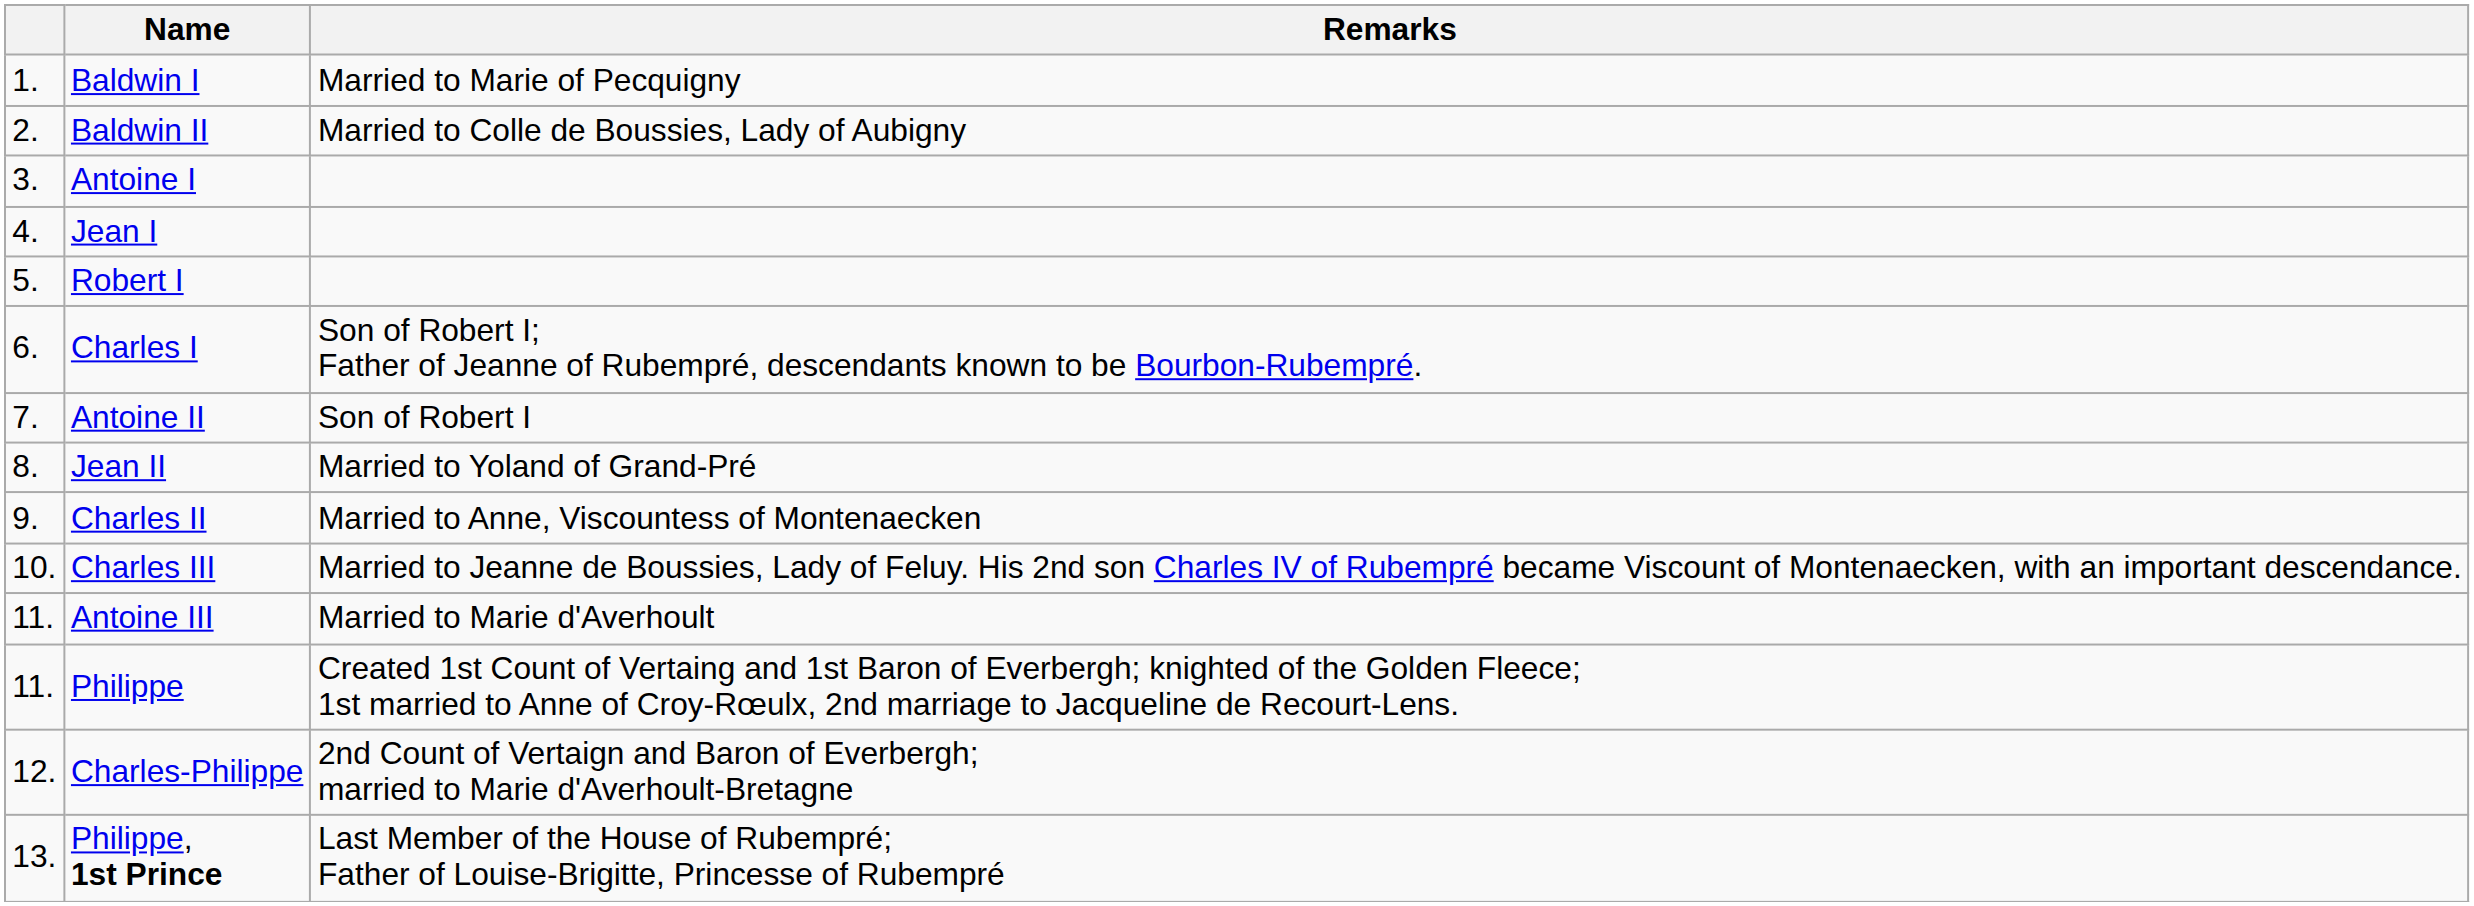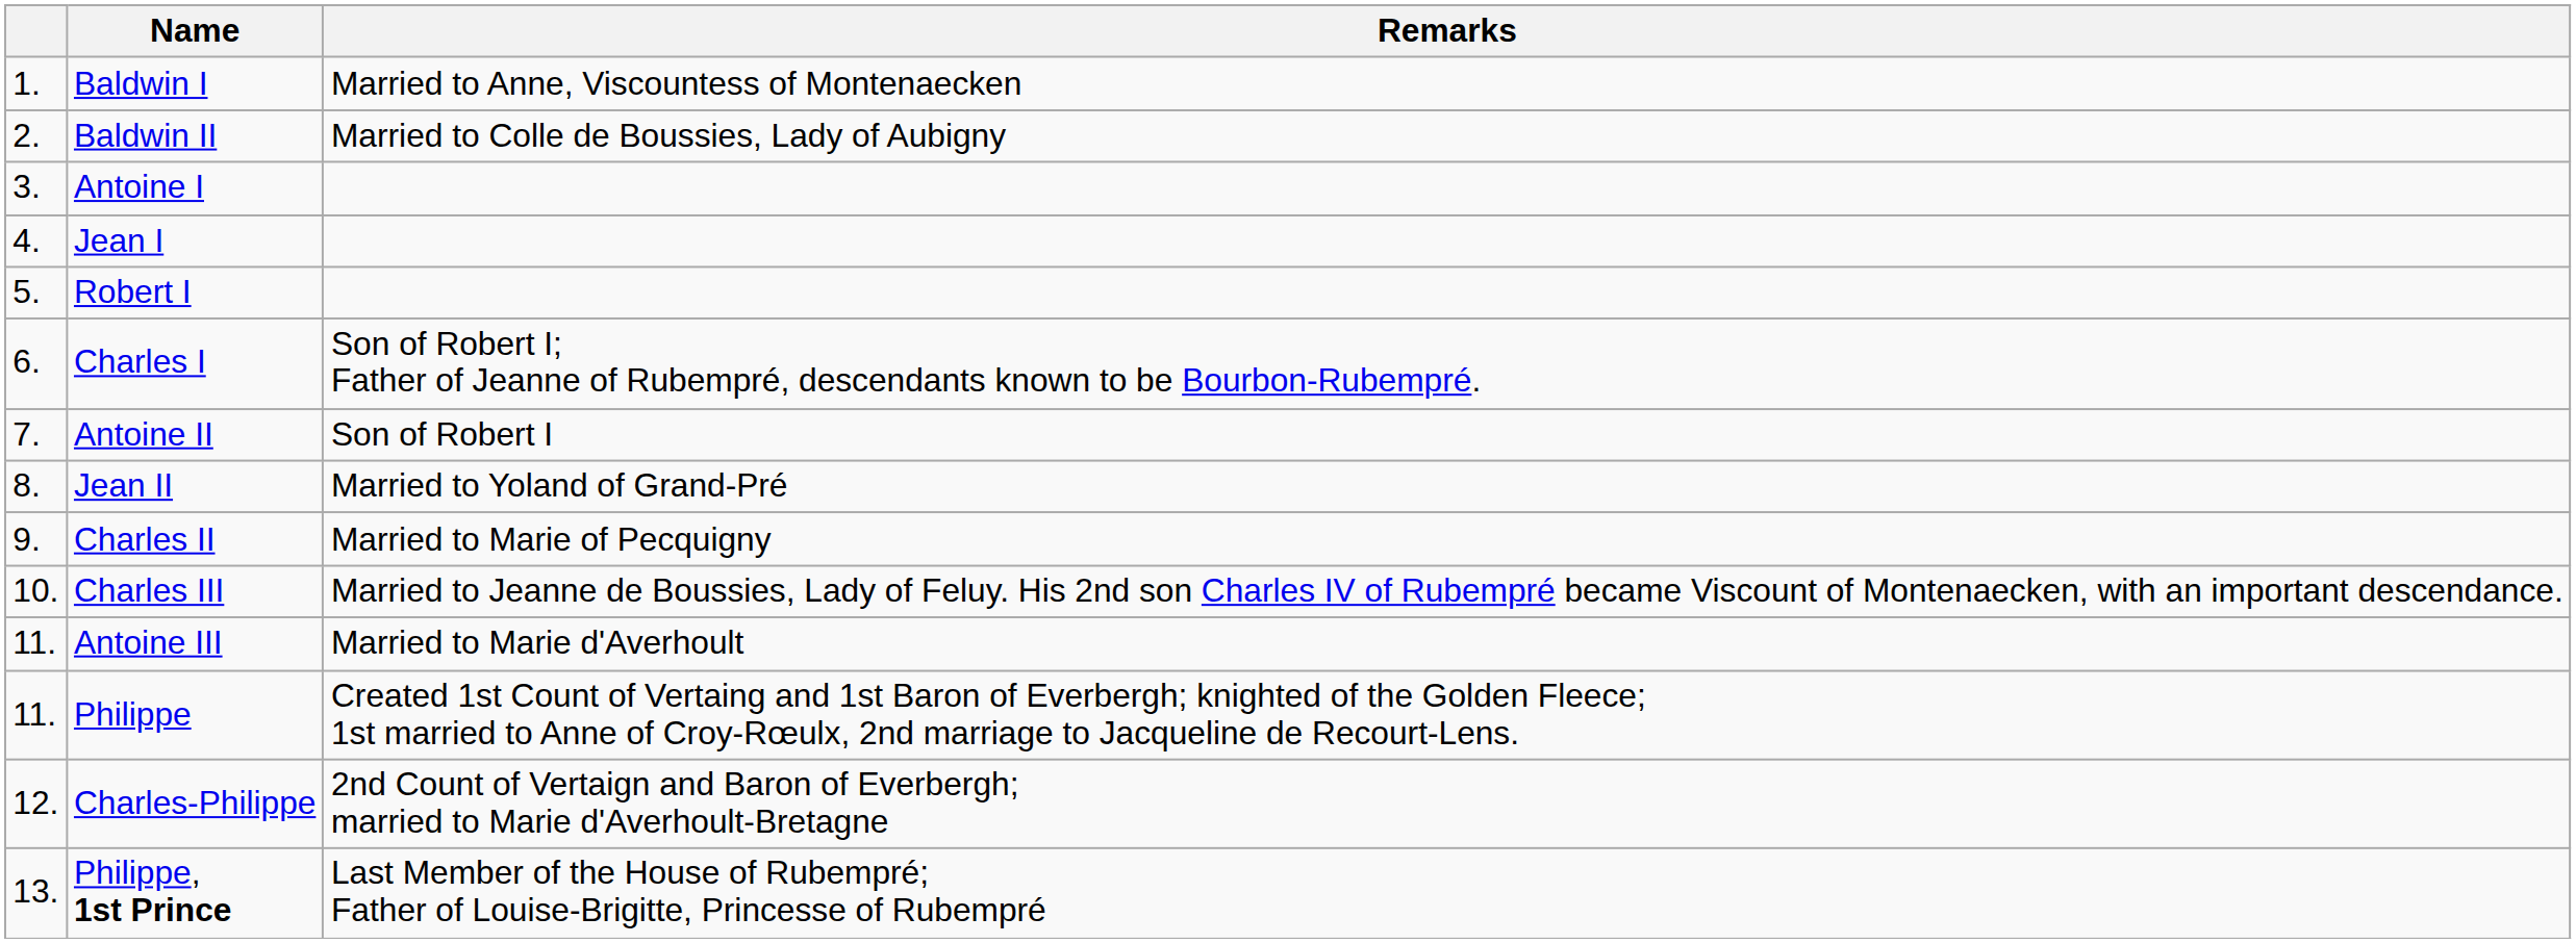 <table class="wikitable">
 <tr>
 <th></th>
 <th>Name</th>
 <th>Remarks</th>
 </tr>
 <tr>
 <td>1.</td>
 <td><a href='#'>Baldwin I</a></td>
-<td>Married to Marie of Pecquigny</td>
+<td>Married to Anne, Viscountess of Montenaecken</td>
 </tr>
 <tr>
 <td>2.</td>
 <td><a href='#'>Baldwin II</a></td>
 <td>Married to Colle de Boussies, Lady of Aubigny</td>
 </tr>
 <tr>
 <td>3.</td>
 <td><a href='#'>Antoine I</a></td>
 <td></td>
 </tr>
 <tr>
 <td>4.</td>
 <td><a href='#'>Jean I</a></td>
 <td></td>
 </tr>
 <tr>
 <td>5.</td>
 <td><a href='#'>Robert I</a></td>
 <td></td>
 </tr>
 <tr>
 <td>6.</td>
 <td><a href='#'>Charles I</a></td>
 <td>Son of Robert I;<br>Father of Jeanne of Rubempré, descendants known to be <a href='#'>Bourbon-Rubempré</a>.</td>
 </tr>
 <tr>
 <td>7.</td>
 <td><a href='#'>Antoine II</a></td>
 <td>Son of Robert I</td>
 </tr>
 <tr>
 <td>8.</td>
 <td><a href='#'>Jean II</a></td>
 <td>Married to Yoland of Grand-Pré</td>
 </tr>
 <tr>
 <td>9.</td>
 <td><a href='#'>Charles II</a></td>
-<td>Married to Anne, Viscountess of Montenaecken</td>
+<td>Married to Marie of Pecquigny</td>
 </tr>
 <tr>
 <td>10.</td>
 <td><a href='#'>Charles III</a></td>
 <td>Married to Jeanne de Boussies, Lady of Feluy. His 2nd son <a href='#'>Charles IV of Rubempré</a> became Viscount of Montenaecken, with an important descendance.</td>
 </tr>
 <tr>
 <td>11.</td>
 <td><a href='#'>Antoine III</a></td>
 <td>Married to Marie d'Averhoult</td>
 </tr>
 <tr>
 <td>11.</td>
 <td><a href='#'>Philippe</a></td>
 <td>Created 1st Count of Vertaing and 1st Baron of Everbergh; knighted of the Golden Fleece;<br>1st married to Anne of Croy-Rœulx, 2nd marriage to Jacqueline de Recourt-Lens.</td>
 </tr>
 <tr>
 <td>12.</td>
 <td><a href='#'>Charles-Philippe</a></td>
 <td>2nd Count of Vertaign and Baron of Everbergh;<br>married to Marie d'Averhoult-Bretagne</td>
 </tr>
 <tr>
 <td>13.</td>
 <td><a href='#'>Philippe</a>,<br><strong>1st Prince</strong></td>
 <td>Last Member of the House of Rubempré;<br>Father of Louise-Brigitte, Princesse of Rubempré</td>
 </tr>
 <tr>
 </tr>
 </table>
